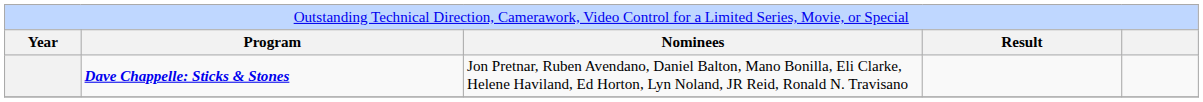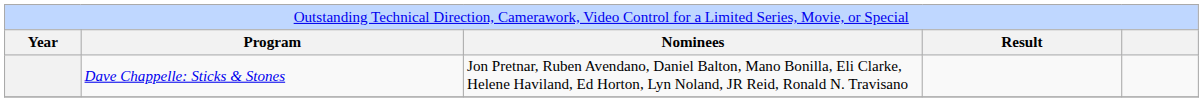 <table class="wikitable plainrowheaders" style="font-size: 90%" width=90%>
 <tr ---- bgcolor="#bfd7ff">
 <td colspan=6 align=center><a href='#'>Outstanding Technical Direction, Camerawork, Video Control for a Limited Series, Movie, or Special</a></td>
 </tr>
 <tr ---- bgcolor="#ebf5ff">
 <th width="5%">Year</th>
 <th width="25%">Program</th>
 <th width="30%">Nominees</th>
 <th width="13%">Result</th>
 <th width="5%"></th>
 </tr>
 <tr>
 <th scope=row></th>
-<td><strong><em><a href='#'>Dave Chappelle: Sticks & Stones</a></em></strong></td>
+<td><em><a href='#'>Dave Chappelle: Sticks & Stones</a></em></td>
 <td>Jon Pretnar, Ruben Avendano, Daniel Balton, Mano Bonilla, Eli Clarke, Helene Haviland, Ed Horton, Lyn Noland, JR Reid, Ronald N. Travisano</td>
 <td></td>
 <td></td>
 </tr>
 <tr>
 </tr>
 </table>
